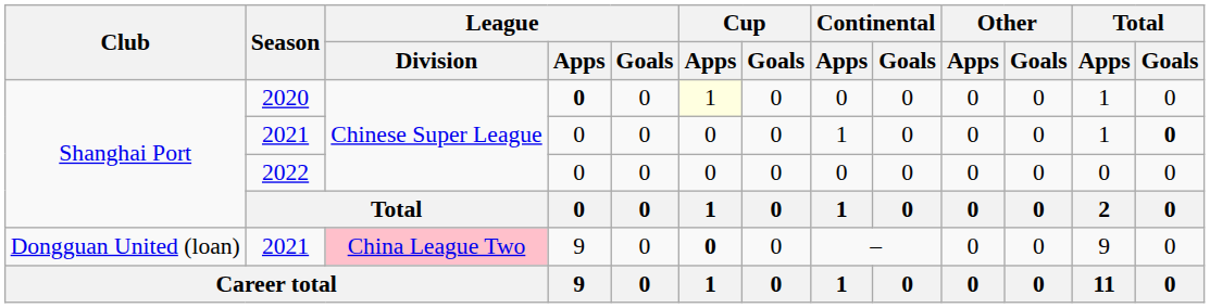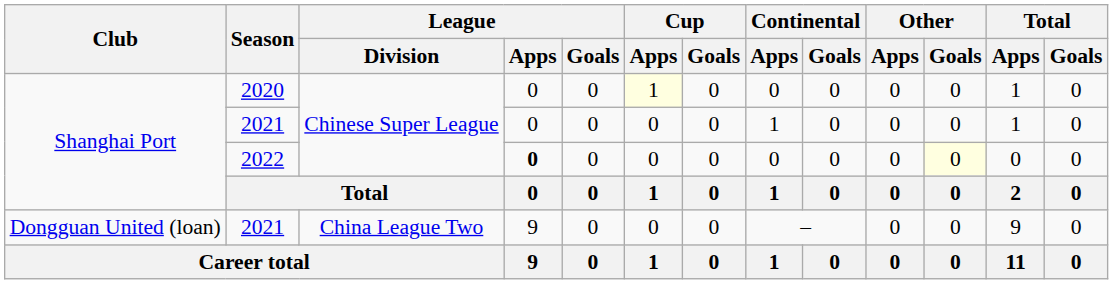 <table class="wikitable" style="text-align: center">
 <tr>
 <th rowspan="2">Club</th>
 <th rowspan="2">Season</th>
 <th colspan="3">League</th>
 <th colspan="2">Cup</th>
 <th colspan="2">Continental</th>
 <th colspan="2">Other</th>
 <th colspan="2">Total</th>
 </tr>
 <tr>
 <th>Division</th>
 <th>Apps</th>
 <th>Goals</th>
 <th>Apps</th>
 <th>Goals</th>
 <th>Apps</th>
 <th>Goals</th>
 <th>Apps</th>
 <th>Goals</th>
 <th>Apps</th>
 <th>Goals</th>
 </tr>
 <tr>
 <td rowspan="4"><a href='#'>Shanghai Port</a></td>
 <td><a href='#'>2020</a></td>
 <td rowspan="3"><a href='#'>Chinese Super League</a></td>
-<td><strong>0</strong></td>
+<td>0</td>
 <td>0</td>
 <td style="background: lightyellow;">1</td>
 <td>0</td>
 <td>0</td>
 <td>0</td>
 <td>0</td>
 <td>0</td>
 <td>1</td>
 <td>0</td>
 </tr>
 <tr>
 <td><a href='#'>2021</a></td>
 <td>0</td>
 <td>0</td>
 <td>0</td>
 <td>0</td>
 <td>1</td>
 <td>0</td>
 <td>0</td>
 <td>0</td>
 <td>1</td>
-<td><strong>0</strong></td>
+<td>0</td>
 </tr>
 <tr>
 <td><a href='#'>2022</a></td>
+<td><strong>0</strong></td>
 <td>0</td>
 <td>0</td>
 <td>0</td>
 <td>0</td>
 <td>0</td>
 <td>0</td>
-<td>0</td>
-<td>0</td>
+<td style="background: lightyellow;">0</td>
 <td>0</td>
 <td>0</td>
 </tr>
 <tr>
 <th colspan=2>Total</th>
 <th>0</th>
 <th>0</th>
 <th>1</th>
 <th>0</th>
 <th>1</th>
 <th>0</th>
 <th>0</th>
 <th>0</th>
 <th>2</th>
 <th>0</th>
 </tr>
 <tr>
 <td><a href='#'>Dongguan United</a> (loan)</td>
 <td><a href='#'>2021</a></td>
-<td style="background: pink;"><a href='#'>China League Two</a></td>
+<td><a href='#'>China League Two</a></td>
 <td>9</td>
 <td>0</td>
-<td><strong>0</strong></td>
+<td>0</td>
 <td>0</td>
 <td colspan="2">–</td>
 <td>0</td>
 <td>0</td>
 <td>9</td>
 <td>0</td>
 </tr>
 <tr>
 <th colspan=3>Career total</th>
 <th>9</th>
 <th>0</th>
 <th>1</th>
 <th>0</th>
 <th>1</th>
 <th>0</th>
 <th>0</th>
 <th>0</th>
 <th>11</th>
 <th>0</th>
 </tr>
 </table>
